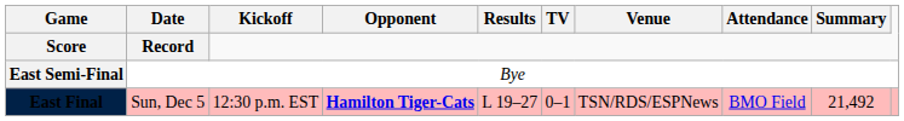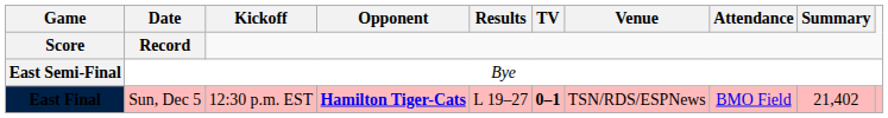 <table class="wikitable" style="font-size: 95%;">
 <tr>
 <th scope="col">Game</th>
 <th scope="col">Date</th>
 <th scope="col">Kickoff</th>
 <th scope="col">Opponent</th>
 <th scope="col">Results</th>
 <th scope="col">TV</th>
 <th scope="col">Venue</th>
 <th scope="col">Attendance</th>
 <th scope="col">Summary</th>
 </tr>
 <tr>
 <th scope="col">Score</th>
 <th scope="col">Record</th>
 </tr>
 <tr bgcolor="#ffffff" align="center">
 <th align="center">East Semi-Final</th>
 <td colspan="9" valign="middle" align="center"><em>Bye</em></td>
 </tr>
 <tr align="center" bgcolor="#ffbbbb">
 <th style="text-align:center; background:#002147;"><span>East Final</span></th>
 <td align="center">Sun, Dec 5</td>
 <td align="center">12:30 p.m. EST</td>
 <td align="center"><strong><a href='#'>Hamilton Tiger-Cats</a></strong></td>
 <td align="center">L 19–27</td>
-<td align="center">0–1</td>
+<td align="center"><strong>0–1</strong></td>
 <td align="center">TSN/RDS/ESPNews</td>
 <td align="center"><a href='#'>BMO Field</a></td>
-<td align="center">21,492</td>
+<td align="center">21,402</td>
 <td align="center"></td>
 </tr>
 </table>
